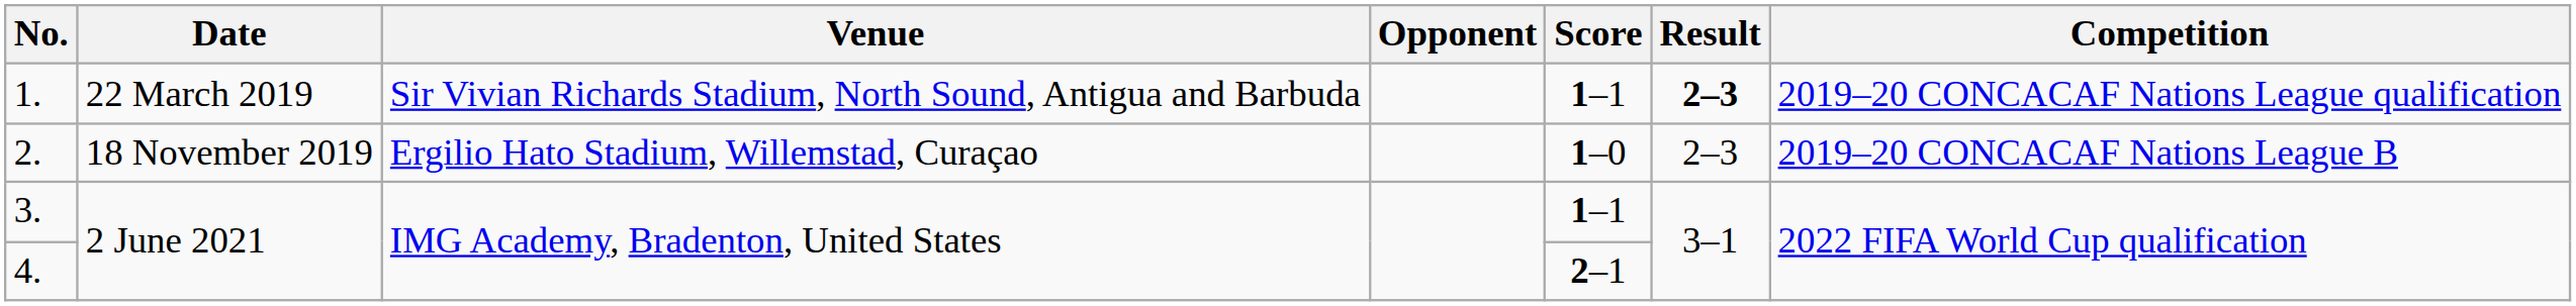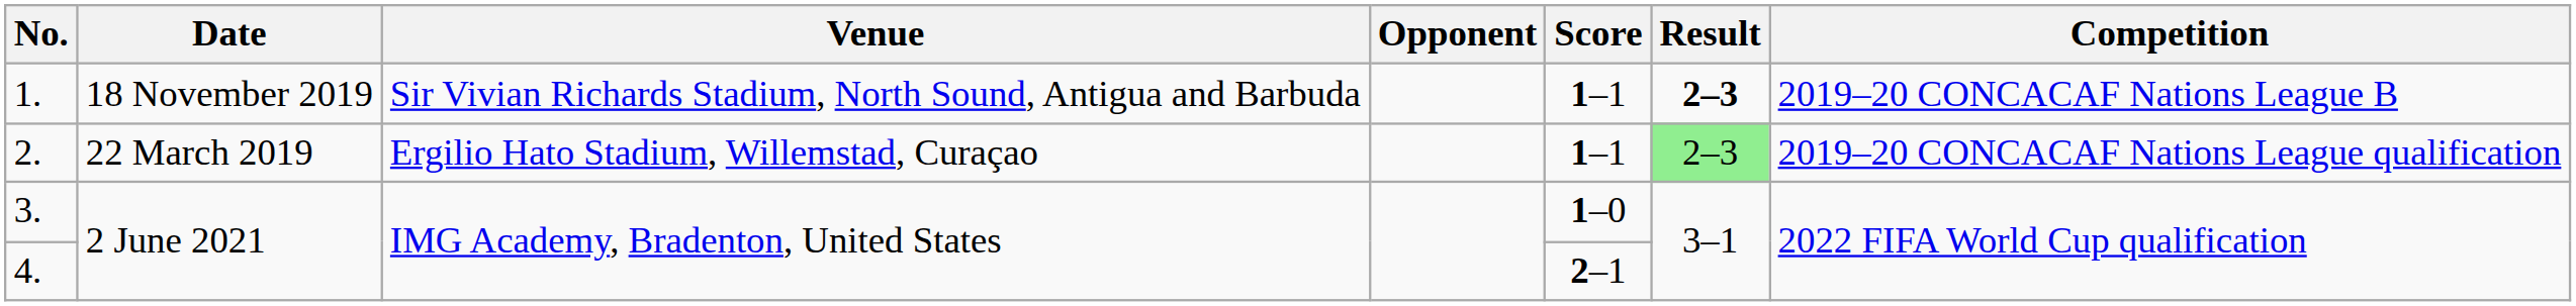 <table class="wikitable" style="font-size:100%;">
 <tr>
 <th>No.</th>
 <th>Date</th>
 <th>Venue</th>
 <th>Opponent</th>
 <th>Score</th>
 <th>Result</th>
 <th>Competition</th>
 </tr>
 <tr>
 <td>1.</td>
-<td>22 March 2019</td>
+<td>18 November 2019</td>
 <td><a href='#'>Sir Vivian Richards Stadium</a>, <a href='#'>North Sound</a>, Antigua and Barbuda</td>
 <td></td>
 <td align=center><strong>1</strong>–1</td>
 <td align=center><strong>2–3</strong></td>
-<td><a href='#'>2019–20 CONCACAF Nations League qualification</a></td>
+<td><a href='#'>2019–20 CONCACAF Nations League B</a></td>
 </tr>
 <tr>
 <td>2.</td>
-<td>18 November 2019</td>
+<td>22 March 2019</td>
 <td><a href='#'>Ergilio Hato Stadium</a>, <a href='#'>Willemstad</a>, Curaçao</td>
 <td></td>
-<td align=center><strong>1</strong>–0</td>
-<td align=center>2–3</td>
-<td><a href='#'>2019–20 CONCACAF Nations League B</a></td>
+<td align=center><strong>1</strong>–1</td>
+<td align=center style="background: lightgreen;">2–3</td>
+<td><a href='#'>2019–20 CONCACAF Nations League qualification</a></td>
 </tr>
 <tr>
 <td>3.</td>
 <td rowspan=2>2 June 2021</td>
 <td rowspan=2><a href='#'>IMG Academy</a>, <a href='#'>Bradenton</a>, United States</td>
 <td rowspan=2></td>
-<td align=center><strong>1</strong>–1</td>
+<td align=center><strong>1</strong>–0</td>
 <td rowspan=2 align=center>3–1</td>
 <td rowspan=2><a href='#'>2022 FIFA World Cup qualification</a></td>
 </tr>
 <tr>
 <td>4.</td>
 <td align=center><strong>2</strong>–1</td>
 </tr>
 </table>
